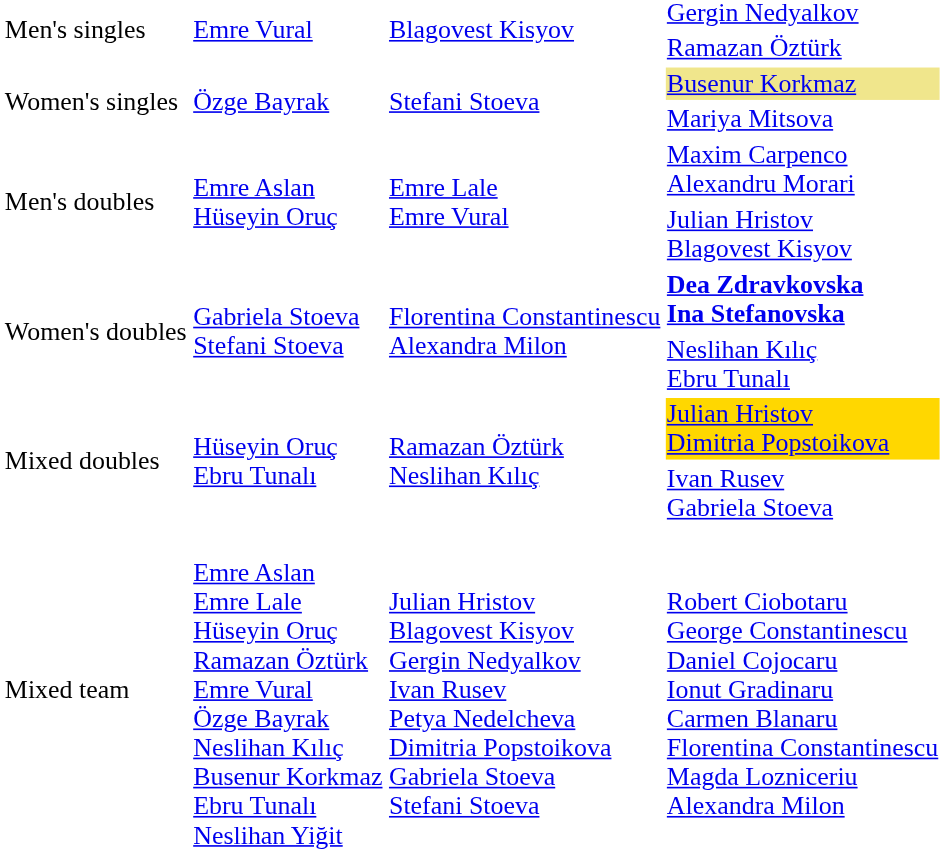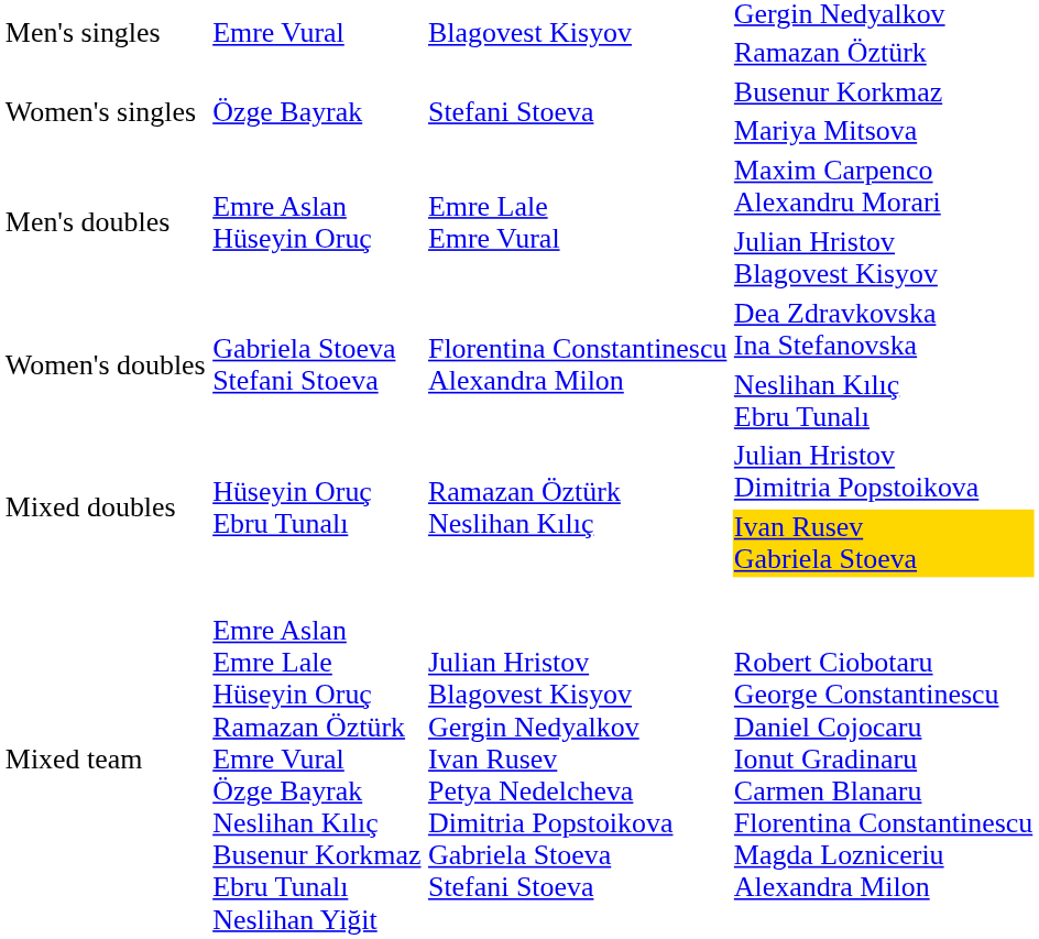 <table>
 <tr>
 <td rowspan="2">Men's singles</td>
 <td rowspan="2"> <a href='#'>Emre Vural</a></td>
 <td rowspan="2"> <a href='#'>Blagovest Kisyov</a></td>
 <td> <a href='#'>Gergin Nedyalkov</a></td>
 </tr>
 <tr>
 <td> <a href='#'>Ramazan Öztürk</a></td>
 </tr>
 <tr>
 <td rowspan="2">Women's singles</td>
 <td rowspan="2"> <a href='#'>Özge Bayrak</a></td>
 <td rowspan="2"> <a href='#'>Stefani Stoeva</a></td>
-<td style="background: khaki;"> <a href='#'>Busenur Korkmaz</a></td>
+<td> <a href='#'>Busenur Korkmaz</a></td>
 </tr>
 <tr>
 <td> <a href='#'>Mariya Mitsova</a></td>
 </tr>
 <tr>
 <td rowspan="2">Men's doubles</td>
 <td rowspan="2"> <a href='#'>Emre Aslan</a><br> <a href='#'>Hüseyin Oruç</a></td>
 <td rowspan="2"> <a href='#'>Emre Lale</a><br> <a href='#'>Emre Vural</a></td>
 <td> <a href='#'>Maxim Carpenco</a><br> <a href='#'>Alexandru Morari</a></td>
 </tr>
 <tr>
 <td> <a href='#'>Julian Hristov</a><br> <a href='#'>Blagovest Kisyov</a></td>
 </tr>
 <tr>
 <td rowspan="2">Women's doubles</td>
 <td rowspan="2"> <a href='#'>Gabriela Stoeva</a><br> <a href='#'>Stefani Stoeva</a></td>
 <td rowspan="2"> <a href='#'>Florentina Constantinescu</a><br> <a href='#'>Alexandra Milon</a></td>
-<td><strong> <a href='#'>Dea Zdravkovska</a><br> <a href='#'>Ina Stefanovska</a></strong></td>
+<td> <a href='#'>Dea Zdravkovska</a><br> <a href='#'>Ina Stefanovska</a></td>
 </tr>
 <tr>
 <td> <a href='#'>Neslihan Kılıç</a><br> <a href='#'>Ebru Tunalı</a></td>
 </tr>
 <tr>
 <td rowspan="2">Mixed doubles</td>
 <td rowspan="2"> <a href='#'>Hüseyin Oruç</a><br> <a href='#'>Ebru Tunalı</a></td>
 <td rowspan="2"> <a href='#'>Ramazan Öztürk</a><br> <a href='#'>Neslihan Kılıç</a></td>
-<td style="background: gold;"> <a href='#'>Julian Hristov</a><br> <a href='#'>Dimitria Popstoikova</a></td>
+<td> <a href='#'>Julian Hristov</a><br> <a href='#'>Dimitria Popstoikova</a></td>
 </tr>
 <tr>
-<td> <a href='#'>Ivan Rusev</a><br> <a href='#'>Gabriela Stoeva</a></td>
+<td style="background: gold;"> <a href='#'>Ivan Rusev</a><br> <a href='#'>Gabriela Stoeva</a></td>
 </tr>
 <tr>
 <td>Mixed team</td>
 <td><br><a href='#'>Emre Aslan</a><br><a href='#'>Emre Lale</a><br><a href='#'>Hüseyin Oruç</a><br><a href='#'>Ramazan Öztürk</a><br><a href='#'>Emre Vural</a><br><a href='#'>Özge Bayrak</a><br><a href='#'>Neslihan Kılıç</a><br><a href='#'>Busenur Korkmaz</a><br><a href='#'>Ebru Tunalı</a><br><a href='#'>Neslihan Yiğit</a></td>
 <td><br><a href='#'>Julian Hristov</a><br><a href='#'>Blagovest Kisyov</a><br><a href='#'>Gergin Nedyalkov</a><br><a href='#'>Ivan Rusev</a><br><a href='#'>Petya Nedelcheva</a><br><a href='#'>Dimitria Popstoikova</a><br><a href='#'>Gabriela Stoeva</a><br><a href='#'>Stefani Stoeva</a></td>
 <td><br><a href='#'>Robert Ciobotaru</a><br><a href='#'>George Constantinescu</a><br><a href='#'>Daniel Cojocaru</a><br><a href='#'>Ionut Gradinaru</a><br><a href='#'>Carmen Blanaru</a><br><a href='#'>Florentina Constantinescu</a><br><a href='#'>Magda Lozniceriu</a><br><a href='#'>Alexandra Milon</a></td>
 </tr>
 </table>
